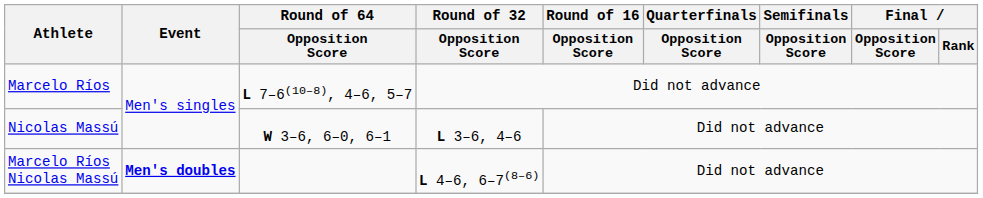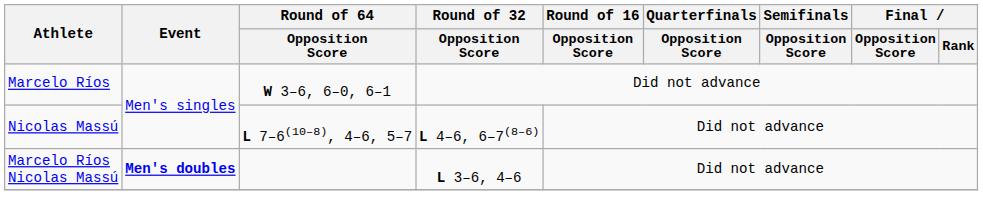 <table class=wikitable style="font-size:90%">
 <tr>
 <th rowspan="2">Athlete</th>
 <th rowspan="2">Event</th>
 <th>Round of 64</th>
 <th>Round of 32</th>
 <th>Round of 16</th>
 <th>Quarterfinals</th>
 <th>Semifinals</th>
 <th colspan=2>Final / </th>
 </tr>
 <tr style="font-size:95%">
 <th>Opposition<br>Score</th>
 <th>Opposition<br>Score</th>
 <th>Opposition<br>Score</th>
 <th>Opposition<br>Score</th>
 <th>Opposition<br>Score</th>
 <th>Opposition<br>Score</th>
 <th>Rank</th>
 </tr>
 <tr align=center>
 <td align=left><a href='#'>Marcelo Ríos</a></td>
 <td align=left rowspan=2><a href='#'>Men's singles</a></td>
-<td><br><strong>L</strong> 7–6<sup>(10–8)</sup>, 4–6, 5–7</td>
+<td><br><strong>W</strong> 3–6, 6–0, 6–1</td>
 <td colspan=6>Did not advance</td>
 </tr>
 <tr align=center>
 <td align=left><a href='#'>Nicolas Massú</a></td>
-<td><br><strong>W</strong> 3–6, 6–0, 6–1</td>
-<td><br><strong>L</strong> 3–6, 4–6</td>
+<td><br><strong>L</strong> 7–6<sup>(10–8)</sup>, 4–6, 5–7</td>
+<td><br><strong>L</strong> 4–6, 6–7<sup>(8–6)</sup></td>
 <td colspan=5>Did not advance</td>
 </tr>
 <tr align=center>
 <td align=left><a href='#'>Marcelo Ríos</a><br><a href='#'>Nicolas Massú</a></td>
 <td align=left><strong><a href='#'>Men's doubles</a></strong></td>
 <td></td>
-<td><br><strong>L</strong> 4–6, 6–7<sup>(8–6)</sup></td>
+<td><br><strong>L</strong> 3–6, 4–6</td>
 <td colspan=5>Did not advance</td>
 </tr>
 <tr align=center>
 </tr>
 </table>
